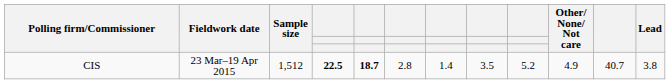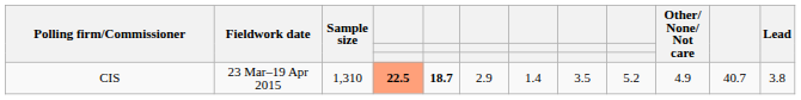 <table class="wikitable collapsible collapsed" style="text-align:center; font-size:90%; line-height:14px;">
 <tr style="height:42px;">
 <th style="width:250px;" rowspan="3">Polling firm/Commissioner</th>
 <th style="width:125px;" rowspan="3">Fieldwork date</th>
 <th style="width:50px;" rowspan="3">Sample size</th>
 <th style="width:55px;"></th>
 <th style="width:35px;"></th>
 <th style="width:55px;"></th>
 <th style="width:55px;"></th>
 <th style="width:55px;"></th>
 <th style="width:55px;"></th>
 <th style="width:55px;" rowspan="3">Other/<br>None/<br>Not<br>care</th>
 <th style="width:55px;" rowspan="3"></th>
 <th style="width:30px;" rowspan="3">Lead</th>
 </tr>
 <tr>
 <th style="color:inherit;background:"></th>
 <th style="color:inherit;background:"></th>
 <th style="color:inherit;background:"></th>
 <th style="color:inherit;background:"></th>
 <th style="color:inherit;background:"></th>
 <th style="color:inherit;background:"></th>
 </tr>
 <tr>
 <th></th>
 <th></th>
 <th></th>
 <th></th>
 <th></th>
 <th></th>
 </tr>
 <tr>
 <td>CIS</td>
 <td>23 Mar–19 Apr 2015</td>
-<td>1,512</td>
-<td><strong>22.5</strong></td>
+<td>1,310</td>
+<td style="background: lightsalmon;"><strong>22.5</strong></td>
 <td><strong>18.7</strong></td>
-<td>2.8</td>
+<td>2.9</td>
 <td>1.4</td>
 <td>3.5</td>
 <td>5.2</td>
 <td>4.9</td>
 <td>40.7</td>
 <td style="background:">3.8</td>
 </tr>
 </table>
